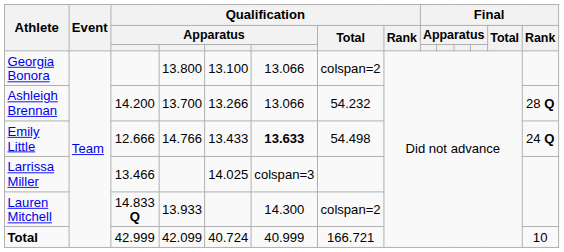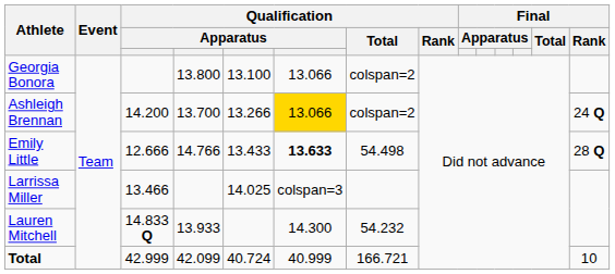 <table class="wikitable" style="font-size:90%">
 <tr>
 <th rowspan="3">Athlete</th>
 <th rowspan="3">Event</th>
 <th colspan=6>Qualification</th>
 <th colspan=6>Final</th>
 </tr>
 <tr style="font-size:95%">
 <th colspan = "4">Apparatus</th>
 <th rowspan=2>Total</th>
 <th rowspan=2>Rank</th>
 <th colspan = "4">Apparatus</th>
 <th rowspan=2>Total</th>
 <th rowspan=2>Rank</th>
 </tr>
 <tr style="font-size:95%">
 <th></th>
 <th></th>
 <th></th>
 <th></th>
 <th></th>
 <th></th>
 <th></th>
 <th></th>
 </tr>
 <tr align=center>
 <td align=left><a href='#'>Georgia Bonora</a></td>
 <td align=left rowspan=6><a href='#'>Team</a></td>
 <td></td>
 <td>13.800</td>
 <td>13.100</td>
 <td>13.066</td>
 <td>colspan=2 </td>
 <td colspan=6 rowspan=6>Did not advance</td>
 </tr>
 <tr align=center>
 <td align=left><a href='#'>Ashleigh Brennan</a></td>
 <td>14.200</td>
 <td>13.700</td>
 <td>13.266</td>
-<td>13.066</td>
-<td>54.232</td>
-<td>28 <strong>Q</strong></td>
+<td style="background: gold;">13.066</td>
+<td>colspan=2 </td>
+<td>24 <strong>Q</strong></td>
 </tr>
 <tr align=center>
 <td align=left><a href='#'>Emily Little</a></td>
 <td>12.666</td>
 <td>14.766</td>
 <td>13.433</td>
 <td><strong>13.633</strong></td>
 <td>54.498</td>
-<td>24 <strong>Q</strong></td>
+<td>28 <strong>Q</strong></td>
 </tr>
 <tr align=center>
 <td align=left><a href='#'>Larrissa Miller</a></td>
 <td>13.466</td>
 <td></td>
 <td>14.025</td>
 <td>colspan=3 </td>
 </tr>
 <tr align=center>
 <td align=left><a href='#'>Lauren Mitchell</a></td>
 <td>14.833 <strong>Q</strong></td>
 <td>13.933</td>
 <td></td>
 <td>14.300</td>
-<td>colspan=2 </td>
+<td>54.232</td>
 </tr>
 <tr align=center>
 <td align=left><strong>Total</strong></td>
 <td>42.999</td>
 <td>42.099</td>
 <td>40.724</td>
 <td>40.999</td>
 <td>166.721</td>
 <td>10</td>
 </tr>
 </table>
